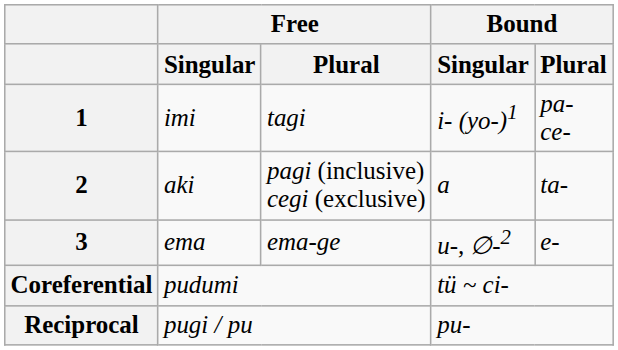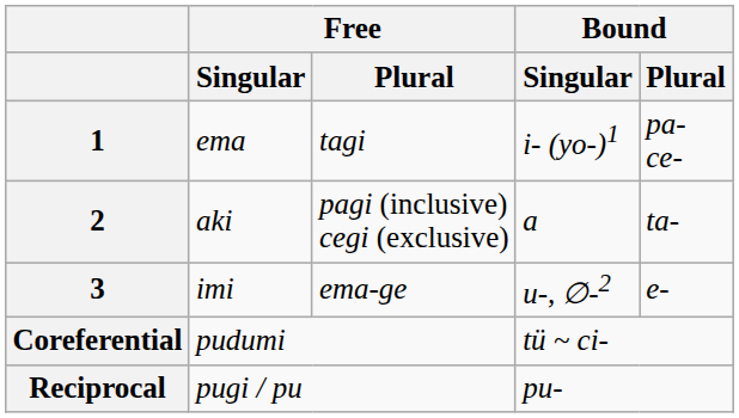 <table class="wikitable">
 <tr>
 <th></th>
 <th colspan="2">Free</th>
 <th colspan="2">Bound</th>
 </tr>
 <tr>
 <th></th>
 <th>Singular</th>
 <th>Plural</th>
 <th>Singular</th>
 <th>Plural</th>
 </tr>
 <tr>
 <th>1</th>
-<td><em>imi</em></td>
+<td><em>ema</em></td>
 <td><em>tagi</em></td>
 <td><em>i- (yo-)<sup>1</sup></em></td>
 <td><em>pa-</em><br><em>ce-</em></td>
 </tr>
 <tr>
 <th>2</th>
 <td><em>aki</em></td>
 <td><em>pagi</em> (inclusive)<br><em>cegi</em> (exclusive)</td>
 <td><em>a</em></td>
 <td><em>ta-</em></td>
 </tr>
 <tr>
 <th>3</th>
-<td><em>ema</em></td>
+<td><em>imi</em></td>
 <td><em>ema-ge</em></td>
 <td><em>u-, ∅-<sup>2</sup></em></td>
 <td><em>e-</em></td>
 </tr>
 <tr>
 <th>Coreferential</th>
 <td colspan="2"><em>pudumi</em></td>
 <td colspan="2"><em>tü ~ ci-</em></td>
 </tr>
 <tr>
 <th>Reciprocal</th>
 <td colspan="2"><em>pugi / pu</em></td>
 <td colspan="2"><em>pu-</em></td>
 </tr>
 </table>
